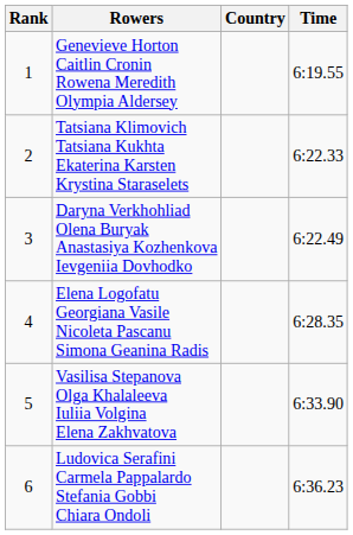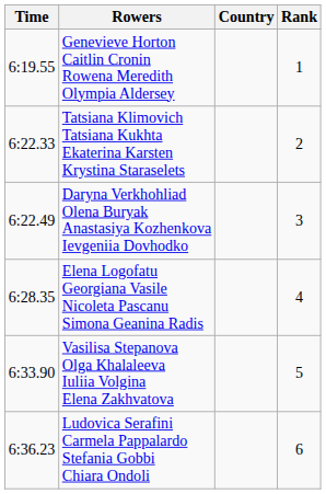 <table class="wikitable" style="text-align:center">
 <tr>
-<th>Rank</th>
+<th>Time</th>
 <th>Rowers</th>
 <th>Country</th>
-<th>Time</th>
+<th>Rank</th>
 </tr>
 <tr>
-<td>1</td>
+<td>6:19.55</td>
 <td align="left"><a href='#'>Genevieve Horton</a><br><a href='#'>Caitlin Cronin</a><br><a href='#'>Rowena Meredith</a><br><a href='#'>Olympia Aldersey</a></td>
 <td align="left"></td>
-<td>6:19.55</td>
+<td>1</td>
 </tr>
 <tr>
-<td>2</td>
+<td>6:22.33</td>
 <td align="left"><a href='#'>Tatsiana Klimovich</a><br><a href='#'>Tatsiana Kukhta</a><br><a href='#'>Ekaterina Karsten</a><br><a href='#'>Krystina Staraselets</a></td>
 <td align="left"></td>
-<td>6:22.33</td>
+<td>2</td>
 </tr>
 <tr>
-<td>3</td>
+<td>6:22.49</td>
 <td align="left"><a href='#'>Daryna Verkhohliad</a><br><a href='#'>Olena Buryak</a><br><a href='#'>Anastasiya Kozhenkova</a><br><a href='#'>Ievgeniia Dovhodko</a></td>
 <td align="left"></td>
-<td>6:22.49</td>
+<td>3</td>
 </tr>
 <tr>
-<td>4</td>
+<td>6:28.35</td>
 <td align="left"><a href='#'>Elena Logofatu</a><br><a href='#'>Georgiana Vasile</a><br><a href='#'>Nicoleta Pascanu</a><br><a href='#'>Simona Geanina Radis</a></td>
 <td align="left"></td>
-<td>6:28.35</td>
+<td>4</td>
 </tr>
 <tr>
-<td>5</td>
+<td>6:33.90</td>
 <td align="left"><a href='#'>Vasilisa Stepanova</a><br><a href='#'>Olga Khalaleeva</a><br><a href='#'>Iuliia Volgina</a><br><a href='#'>Elena Zakhvatova</a></td>
 <td align="left"></td>
-<td>6:33.90</td>
+<td>5</td>
 </tr>
 <tr>
-<td>6</td>
+<td>6:36.23</td>
 <td align="left"><a href='#'>Ludovica Serafini</a><br><a href='#'>Carmela Pappalardo</a><br><a href='#'>Stefania Gobbi</a><br><a href='#'>Chiara Ondoli</a></td>
 <td align="left"></td>
-<td>6:36.23</td>
+<td>6</td>
 </tr>
 </table>
